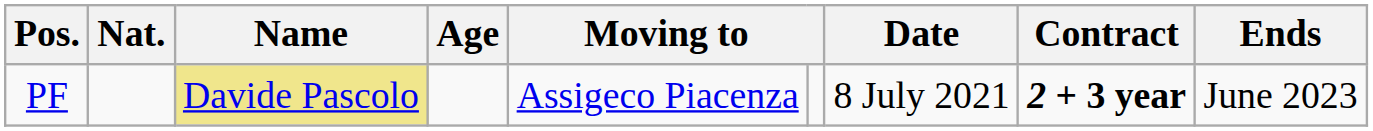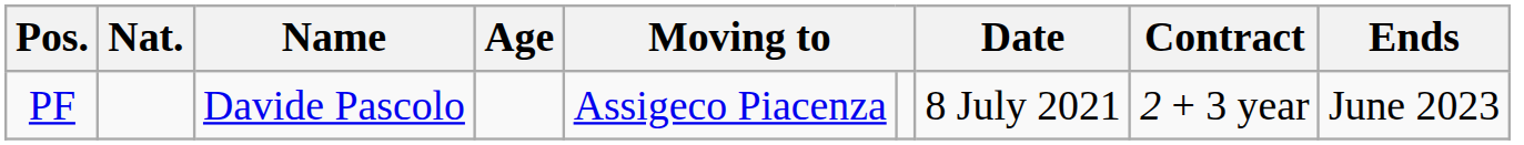 <table class="wikitable sortable">
 <tr>
 <th>Pos.</th>
 <th>Nat.</th>
 <th>Name</th>
 <th>Age</th>
 <th colspan=2>Moving to</th>
 <th>Date</th>
 <th>Contract</th>
 <th>Ends</th>
 </tr>
 <tr>
 <td style="text-align: center;"><a href='#'>PF</a></td>
 <td style="text-align: center;"></td>
-<td style="background: khaki;"><a href='#'>Davide Pascolo</a></td>
+<td><a href='#'>Davide Pascolo</a></td>
 <td style="text-align: center;"></td>
 <td><a href='#'>Assigeco Piacenza</a></td>
 <td style="text-align: center;"></td>
 <td style="text-align: center;">8 July 2021</td>
-<td style="text-align: center;"><strong><em>2</em> + 3 year</strong></td>
+<td style="text-align: center;"><em>2</em> + 3 year</td>
 <td style="text-align: center;">June 2023</td>
 </tr>
 </table>
